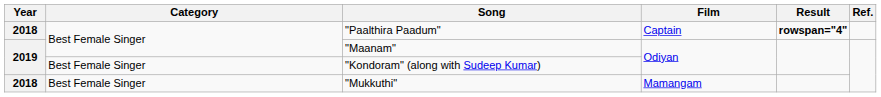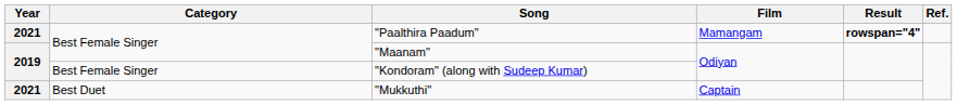 <table class="wikitable plainrowheaders" width="100%" textcolor:#000;">
 <tr>
 <th scope="col" width=5%><strong>Year</strong></th>
 <th scope="col" width=39%><strong>Category</strong></th>
 <th scope="col" width=39%><strong>Song</strong></th>
 <th scope="col" width=39%><strong>Film</strong></th>
 <th scope="col" width=15%><strong>Result</strong></th>
 <th scope="col" width=2%><strong>Ref.</strong></th>
 </tr>
 <tr>
-<th scope="row">2018</th>
+<th scope="row">2021</th>
 <td rowspan="2">Best Female Singer</td>
 <td>"Paalthira Paadum"</td>
-<td><a href='#'>Captain</a></td>
+<td><a href='#'>Mamangam</a></td>
 <td><strong>rowspan="4" </strong></td>
 <td></td>
 </tr>
 <tr>
 <th scope="row" rowspan="2">2019</th>
 <td>"Maanam"</td>
 <td rowspan="2"><a href='#'>Odiyan</a></td>
 <td rowspan="2"></td>
 </tr>
 <tr>
 <td>Best Female Singer</td>
 <td>"Kondoram" (along with <a href='#'>Sudeep Kumar</a>)</td>
 </tr>
 <tr>
-<th scope="row">2018</th>
-<td>Best Female Singer</td>
+<th scope="row">2021</th>
+<td>Best Duet</td>
 <td>"Mukkuthi"</td>
-<td><a href='#'>Mamangam</a></td>
+<td><a href='#'>Captain</a></td>
 <td></td>
 </tr>
 </table>
